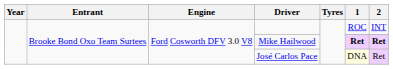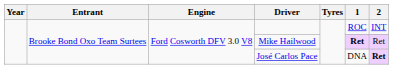 <table class="wikitable" style="text-align:center; font-size:90%">
 <tr>
 <th>Year</th>
 <th>Entrant</th>
 <th>Engine</th>
 <th>Driver</th>
 <th>Tyres</th>
 <th>1</th>
 <th>2</th>
 </tr>
 <tr>
 <td rowspan="3"></td>
 <td rowspan="3"><a href='#'>Brooke Bond Oxo Team Surtees</a></td>
 <td rowspan="3"><a href='#'>Ford</a> <a href='#'>Cosworth DFV</a> 3.0 <a href='#'>V8</a></td>
 <td></td>
 <td rowspan="3"></td>
 <td><a href='#'>ROC</a></td>
 <td><a href='#'>INT</a></td>
 </tr>
 <tr>
 <td><a href='#'>Mike Hailwood</a></td>
 <td style="background:#EFCFFF;"><strong>Ret</strong></td>
-<td style="background:#EFCFFF;"><strong>Ret</strong></td>
+<td style="background:#EFCFFF;">Ret</td>
 </tr>
 <tr>
 <td><a href='#'>José Carlos Pace</a></td>
-<td style="background: lightyellow;">DNA</td>
-<td style="background:#EFCFFF;">Ret</td>
+<td>DNA</td>
+<td style="background:#EFCFFF;"><strong>Ret</strong></td>
 </tr>
 </table>
